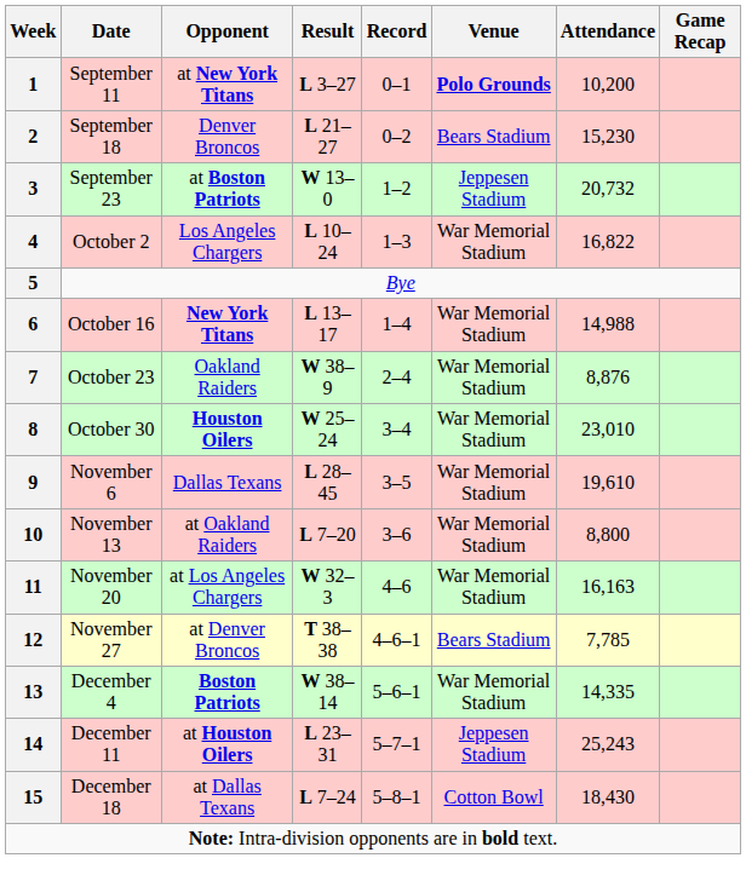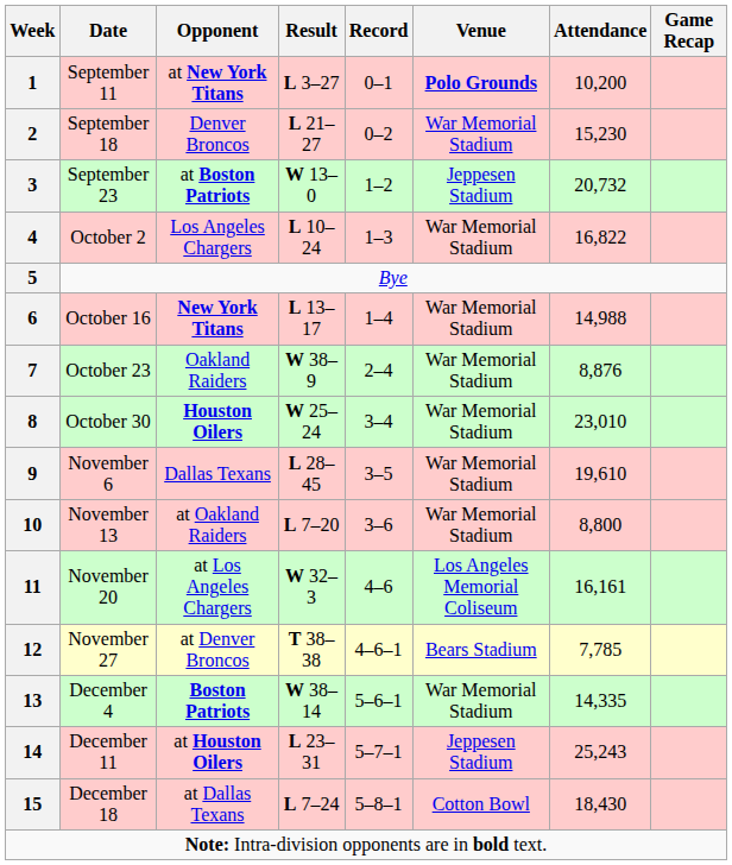 <table class="wikitable" style="text-align:center">
 <tr>
 <th>Week</th>
 <th>Date</th>
 <th>Opponent</th>
 <th>Result</th>
 <th>Record</th>
 <th>Venue</th>
 <th>Attendance</th>
 <th>Game Recap</th>
 </tr>
 <tr style="background:#fcc">
 <th>1</th>
 <td>September 11</td>
 <td>at <strong><a href='#'>New York Titans</a></strong></td>
 <td><strong>L</strong> 3–27</td>
 <td>0–1</td>
 <td><strong><a href='#'>Polo Grounds</a></strong></td>
 <td>10,200</td>
 <td></td>
 </tr>
 <tr style="background:#fcc">
 <th>2</th>
 <td>September 18</td>
 <td><a href='#'>Denver Broncos</a></td>
 <td><strong>L</strong> 21–27</td>
 <td>0–2</td>
-<td><a href='#'>Bears Stadium</a></td>
+<td><a href='#'>War Memorial Stadium</a></td>
 <td>15,230</td>
 <td></td>
 </tr>
 <tr style="background:#cfc">
 <th>3</th>
 <td>September 23</td>
 <td>at <strong><a href='#'>Boston Patriots</a></strong></td>
 <td><strong>W</strong> 13–0</td>
 <td>1–2</td>
 <td><a href='#'>Jeppesen Stadium</a></td>
 <td>20,732</td>
 <td></td>
 </tr>
 <tr style="background:#fcc">
 <th>4</th>
 <td>October 2</td>
 <td><a href='#'>Los Angeles Chargers</a></td>
 <td><strong>L</strong> 10–24</td>
 <td>1–3</td>
 <td>War Memorial Stadium</td>
 <td>16,822</td>
 <td></td>
 </tr>
 <tr>
 <th>5</th>
 <td colspan="7" align="center"><em><a href='#'>Bye</a></em></td>
 </tr>
 <tr style="background:#fcc">
 <th>6</th>
 <td>October 16</td>
 <td><strong><a href='#'>New York Titans</a></strong></td>
 <td><strong>L</strong> 13–17</td>
 <td>1–4</td>
 <td>War Memorial Stadium</td>
 <td>14,988</td>
 <td></td>
 </tr>
 <tr style="background:#cfc">
 <th>7</th>
 <td>October 23</td>
 <td><a href='#'>Oakland Raiders</a></td>
 <td><strong>W</strong> 38–9</td>
 <td>2–4</td>
 <td>War Memorial Stadium</td>
 <td>8,876</td>
 <td></td>
 </tr>
 <tr style="background:#cfc">
 <th>8</th>
 <td>October 30</td>
 <td><strong><a href='#'>Houston Oilers</a></strong></td>
 <td><strong>W</strong> 25–24</td>
 <td>3–4</td>
 <td>War Memorial Stadium</td>
 <td>23,010</td>
 <td></td>
 </tr>
 <tr style="background:#fcc">
 <th>9</th>
 <td>November 6</td>
 <td><a href='#'>Dallas Texans</a></td>
 <td><strong>L</strong> 28–45</td>
 <td>3–5</td>
 <td>War Memorial Stadium</td>
 <td>19,610</td>
 <td></td>
 </tr>
 <tr style="background:#fcc">
 <th>10</th>
 <td>November 13</td>
 <td>at <a href='#'>Oakland Raiders</a></td>
 <td><strong>L</strong> 7–20</td>
 <td>3–6</td>
 <td>War Memorial Stadium</td>
 <td>8,800</td>
 <td></td>
 </tr>
 <tr style="background:#cfc">
 <th>11</th>
 <td>November 20</td>
 <td>at <a href='#'>Los Angeles Chargers</a></td>
 <td><strong>W</strong> 32–3</td>
 <td>4–6</td>
-<td>War Memorial Stadium</td>
-<td>16,163</td>
+<td><a href='#'>Los Angeles Memorial Coliseum</a></td>
+<td>16,161</td>
 <td></td>
 </tr>
 <tr style="background:#ffc">
 <th>12</th>
 <td>November 27</td>
 <td>at <a href='#'>Denver Broncos</a></td>
 <td><strong>T</strong> 38–38</td>
 <td>4–6–1</td>
 <td><a href='#'>Bears Stadium</a></td>
 <td>7,785</td>
 <td></td>
 </tr>
 <tr style="background:#cfc">
 <th>13</th>
 <td>December 4</td>
 <td><strong><a href='#'>Boston Patriots</a></strong></td>
 <td><strong>W</strong> 38–14</td>
 <td>5–6–1</td>
 <td>War Memorial Stadium</td>
 <td>14,335</td>
 <td></td>
 </tr>
 <tr style="background:#fcc">
 <th>14</th>
 <td>December 11</td>
 <td>at <strong><a href='#'>Houston Oilers</a></strong></td>
 <td><strong>L</strong> 23–31</td>
 <td>5–7–1</td>
 <td><a href='#'>Jeppesen Stadium</a></td>
 <td>25,243</td>
 <td></td>
 </tr>
 <tr style="background:#fcc">
 <th>15</th>
 <td>December 18</td>
 <td>at <a href='#'>Dallas Texans</a></td>
 <td><strong>L</strong> 7–24</td>
 <td>5–8–1</td>
 <td><a href='#'>Cotton Bowl</a></td>
 <td>18,430</td>
 <td></td>
 </tr>
 <tr>
 <td colspan="8"><strong>Note:</strong> Intra-division opponents are in <strong>bold</strong> text.</td>
 </tr>
 </table>
